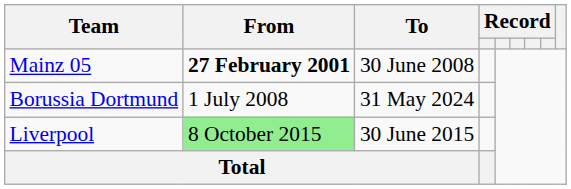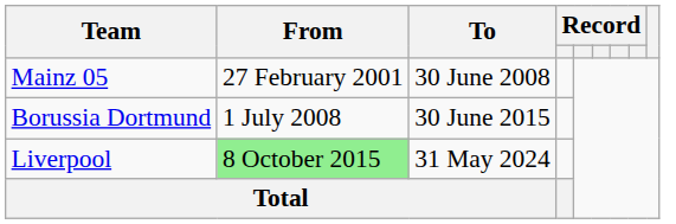 <table class="wikitable" style="text-align: center;">
 <tr>
 <th rowspan="2">Team</th>
 <th rowspan="2">From</th>
 <th rowspan="2">To</th>
 <th colspan="5">Record</th>
 <th rowspan="2"></th>
 </tr>
 <tr>
 <th></th>
 <th></th>
 <th></th>
 <th></th>
 <th></th>
 </tr>
 <tr>
 <td align="left"><a href='#'>Mainz 05</a></td>
-<td align="left"><strong>27 February 2001</strong></td>
+<td align="left">27 February 2001</td>
 <td align="left">30 June 2008<br></td>
 <td></td>
 </tr>
 <tr>
 <td align="left"><a href='#'>Borussia Dortmund</a></td>
 <td align="left">1 July 2008</td>
-<td align=left>31 May 2024<br></td>
+<td align="left">30 June 2015<br></td>
 <td></td>
 </tr>
 <tr>
 <td align=left><a href='#'>Liverpool</a></td>
 <td align=left style="background: lightgreen;">8 October 2015</td>
-<td align="left">30 June 2015<br></td>
+<td align=left>31 May 2024<br></td>
 <td></td>
 </tr>
 <tr>
 <th colspan="3">Total<br></th>
 <th></th>
 </tr>
 </table>
